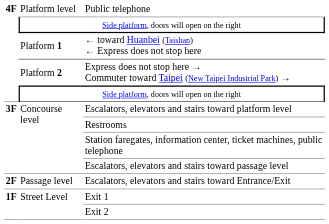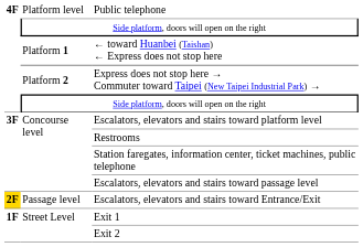 <table table border=0 cellspacing=0 cellpadding=3>
 <tr>
 <td style="border-bottom:solid 1px gray;" rowspan=5 valign=top><strong>4F</strong></td>
 <td rowspan=1 valign=top>Platform level</td>
 <td>Public telephone</td>
 </tr>
 <tr>
 <td style="border-right:solid 2px black;border-left:solid 2px black;border-bottom:solid 2px black;border-top:solid 1px gray;" colspan=2 align=center><small><a href='#'>Side platform</a>, doors will open on the right</small></td>
 </tr>
 <tr>
 <td style="border-bottom:solid 1px gray;" width=100>Platform <span><strong>1</strong></span></td>
 <td style="border-bottom:solid 1px gray;" width=390>←  toward <a href='#'>Huanbei</a> <small>(<a href='#'>Taishan</a>)</small><br>←  Express does not stop here</td>
 </tr>
 <tr>
 <td style="border-top:solid 1px gray;" width=100>Platform <span><strong>2</strong></span></td>
 <td style="border-top:solid 1px gray;" width=390> Express does not stop here → <br> Commuter toward <a href='#'>Taipei</a> <small>(<a href='#'>New Taipei Industrial Park</a>)</small> →</td>
 </tr>
 <tr>
 <td style="border-top:solid 2px black;border-right:solid 2px black;border-left:solid 2px black;border-bottom:solid 1px black;" colspan=2 align=center><small><a href='#'>Side platform</a>, doors will open on the right</small></td>
 </tr>
 <tr>
 <td style="border-bottom:solid 1px gray;" valign=top rowspan=4><strong>3F</strong></td>
 <td style="border-bottom:solid 1px gray;" valign=top rowspan=4>Concourse level</td>
 <td style="border-bottom:solid 1px gray;" valign=top>Escalators, elevators and stairs toward platform level</td>
 </tr>
 <tr>
 <td style="border-bottom:solid 1px gray;" valign=top>Restrooms</td>
 </tr>
 <tr>
 <td style="border-bottom:solid 1px gray;" valign=top>Station faregates, information center, ticket machines, public telephone</td>
 </tr>
 <tr>
 <td style="border-bottom:solid 1px gray;" valign=top>Escalators, elevators and stairs toward passage level</td>
 </tr>
 <tr>
-<td style="border-bottom:solid 1px gray;" valign=top rowspan=1><strong>2F</strong></td>
+<td style="background: gold; border-bottom:solid 1px gray;" valign=top rowspan=1><strong>2F</strong></td>
 <td style="border-bottom:solid 1px gray;" valign=top rowspan=1>Passage level</td>
 <td style="border-bottom:solid 1px gray;" valign=top>Escalators, elevators and stairs toward Entrance/Exit</td>
 </tr>
 <tr>
 <td style="border-bottom:solid 1px gray;" valign=top rowspan=2><strong>1F</strong></td>
 <td style="border-bottom:solid 1px gray;" valign=top rowspan=2>Street Level</td>
 <td style="border-bottom:solid 1px gray;" valign=top>Exit 1</td>
 </tr>
 <tr>
 <td style="border-bottom:solid 1px gray;" valign=top>Exit 2</td>
 </tr>
 </table>
